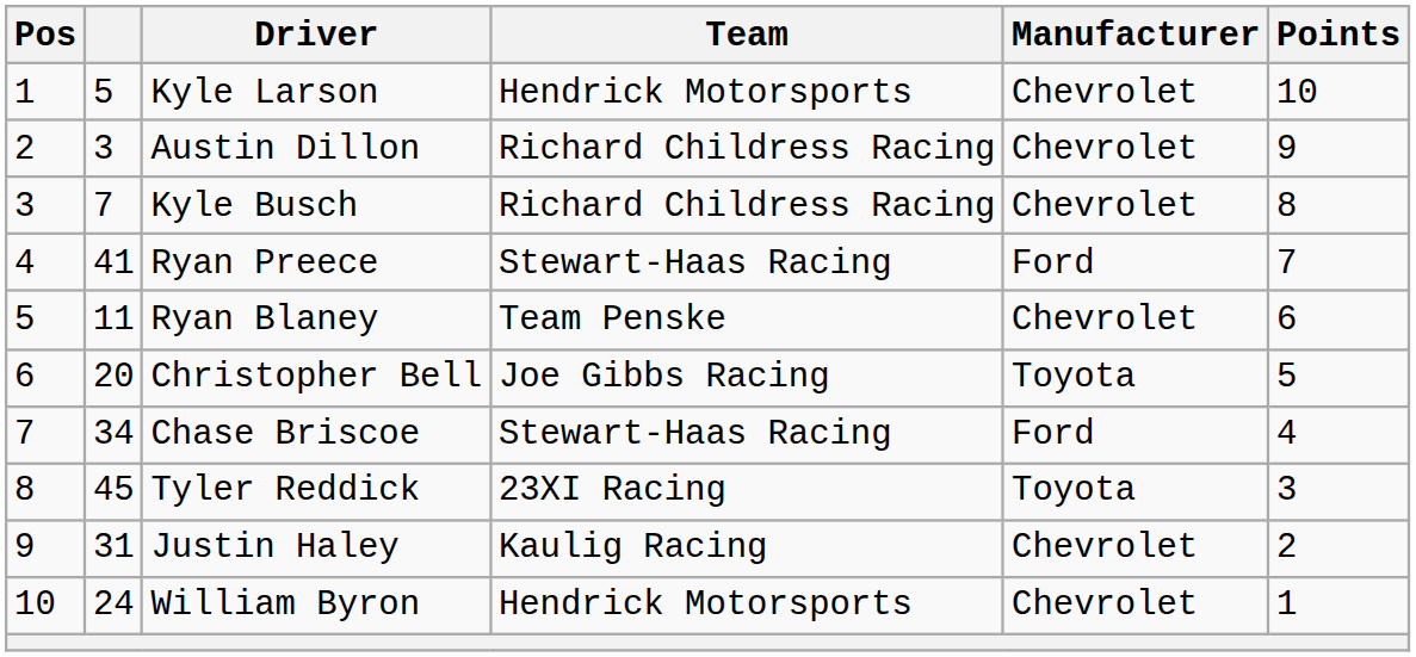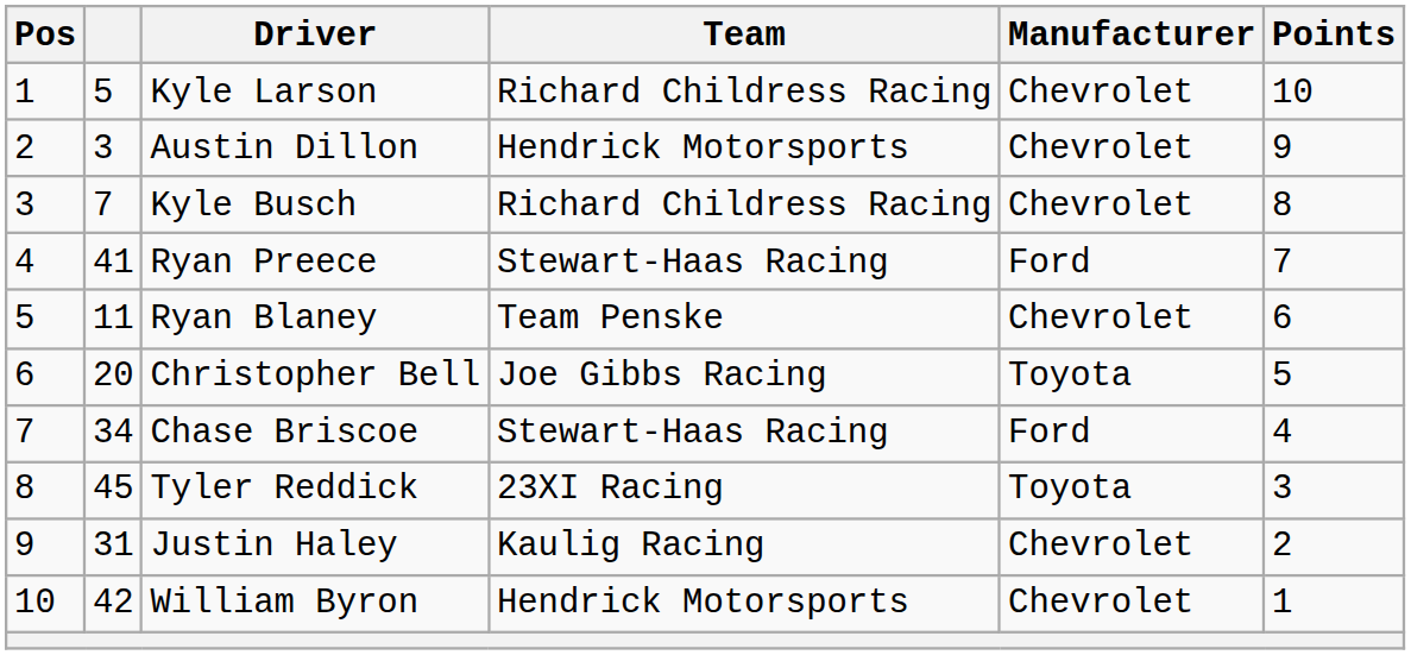 <table class="wikitable" style="font-size:98%">
 <tr>
 <th>Pos</th>
 <th></th>
 <th>Driver</th>
 <th>Team</th>
 <th>Manufacturer</th>
 <th>Points</th>
 </tr>
 <tr>
 <td>1</td>
 <td>5</td>
 <td>Kyle Larson</td>
-<td>Hendrick Motorsports</td>
+<td>Richard Childress Racing</td>
 <td>Chevrolet</td>
 <td>10</td>
 </tr>
 <tr>
 <td>2</td>
 <td>3</td>
 <td>Austin Dillon</td>
-<td>Richard Childress Racing</td>
+<td>Hendrick Motorsports</td>
 <td>Chevrolet</td>
 <td>9</td>
 </tr>
 <tr>
 <td>3</td>
 <td>7</td>
 <td>Kyle Busch</td>
 <td>Richard Childress Racing</td>
 <td>Chevrolet</td>
 <td>8</td>
 </tr>
 <tr>
 <td>4</td>
 <td>41</td>
 <td>Ryan Preece</td>
 <td>Stewart-Haas Racing</td>
 <td>Ford</td>
 <td>7</td>
 </tr>
 <tr>
 <td>5</td>
 <td>11</td>
 <td>Ryan Blaney</td>
 <td>Team Penske</td>
 <td>Chevrolet</td>
 <td>6</td>
 </tr>
 <tr>
 <td>6</td>
 <td>20</td>
 <td>Christopher Bell</td>
 <td>Joe Gibbs Racing</td>
 <td>Toyota</td>
 <td>5</td>
 </tr>
 <tr>
 <td>7</td>
 <td>34</td>
 <td>Chase Briscoe</td>
 <td>Stewart-Haas Racing</td>
 <td>Ford</td>
 <td>4</td>
 </tr>
 <tr>
 <td>8</td>
 <td>45</td>
 <td>Tyler Reddick</td>
 <td>23XI Racing</td>
 <td>Toyota</td>
 <td>3</td>
 </tr>
 <tr>
 <td>9</td>
 <td>31</td>
 <td>Justin Haley</td>
 <td>Kaulig Racing</td>
 <td>Chevrolet</td>
 <td>2</td>
 </tr>
 <tr>
 <td>10</td>
-<td>24</td>
+<td>42</td>
 <td>William Byron</td>
 <td>Hendrick Motorsports</td>
 <td>Chevrolet</td>
 <td>1</td>
 </tr>
 <tr>
 <th colspan="6"></th>
 </tr>
 </table>
